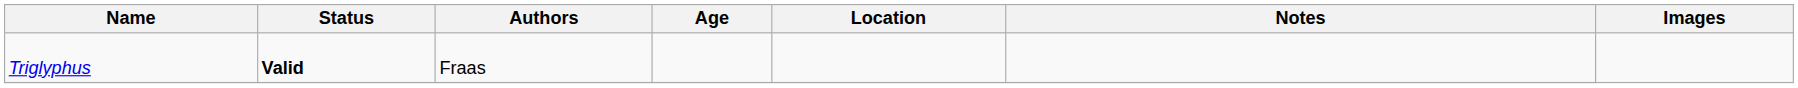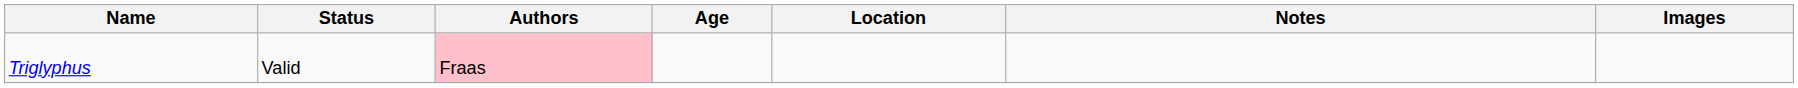 <table class="wikitable sortable" align="center" width="100%">
 <tr>
 <th>Name</th>
 <th>Status</th>
 <th>Authors</th>
 <th>Age</th>
 <th>Location</th>
 <th width="33%" class="unsortable">Notes</th>
 <th class="unsortable">Images</th>
 </tr>
 <tr>
 <td><br><em><a href='#'>Triglyphus</a></em></td>
-<td><strong><br>Valid</strong></td>
-<td><br>Fraas</td>
+<td><br>Valid</td>
+<td style="background: pink;"><br>Fraas</td>
 <td></td>
 <td></td>
 <td></td>
 <td rowspan="99"></td>
 </tr>
 <tr>
 </tr>
 </table>
